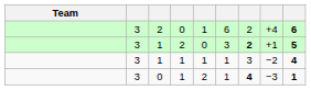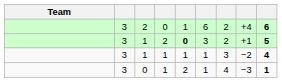 <table class="wikitable" style="text-align: center; font-size: 90%;">
 <tr>
 <th width="165">Team</th>
 <th width="25"></th>
 <th width="25"></th>
 <th width="25"></th>
 <th width="25"></th>
 <th width="25"></th>
 <th width="25"></th>
 <th width="25"></th>
 <th width="25"></th>
 </tr>
 <tr style="background:#ccffcc;">
 <td align=left></td>
 <td>3</td>
 <td>2</td>
 <td>0</td>
 <td>1</td>
 <td>6</td>
 <td>2</td>
 <td>+4</td>
 <td><strong>6</strong></td>
 </tr>
 <tr style="background:#ccffcc;">
 <td align=left></td>
 <td>3</td>
 <td>1</td>
 <td>2</td>
-<td>0</td>
+<td><strong>0</strong></td>
 <td>3</td>
-<td><strong>2</strong></td>
+<td>2</td>
 <td>+1</td>
 <td><strong>5</strong></td>
 </tr>
 <tr style="background:#;">
 <td align=left></td>
 <td>3</td>
 <td>1</td>
 <td>1</td>
 <td>1</td>
 <td>1</td>
 <td>3</td>
 <td>−2</td>
 <td><strong>4</strong></td>
 </tr>
 <tr style="background:#;">
 <td align=left></td>
 <td>3</td>
 <td>0</td>
 <td>1</td>
 <td>2</td>
 <td>1</td>
-<td><strong>4</strong></td>
+<td>4</td>
 <td>−3</td>
 <td><strong>1</strong></td>
 </tr>
 </table>
